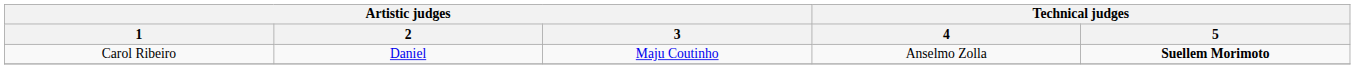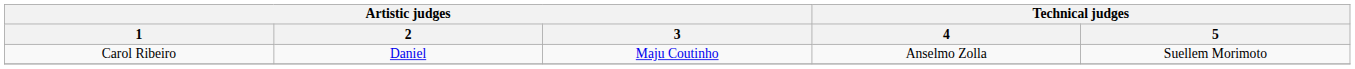 <table class="wikitable" style="font-size:100%; line-height:16px; text-align:center" width="100%">
 <tr TBA>
 <th colspan=3>Artistic judges</th>
 <th colspan=2>Technical judges</th>
 </tr>
 <tr>
 <th width="20.0%">1</th>
 <th width="20.0%">2</th>
 <th width="20.0%">3</th>
 <th width="20.0%">4</th>
 <th width="20.0%">5</th>
 </tr>
 <tr>
 <td>Carol Ribeiro</td>
 <td><a href='#'>Daniel</a></td>
 <td><a href='#'>Maju Coutinho</a></td>
 <td>Anselmo Zolla</td>
-<td><strong>Suellem Morimoto</strong></td>
+<td>Suellem Morimoto</td>
 </tr>
 <tr>
 </tr>
 </table>
